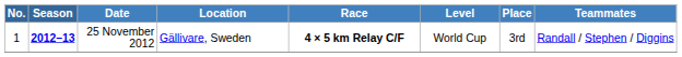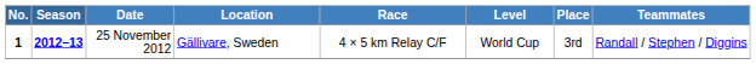 <table class="wikitable sortable" style="font-size:95%; text-align:center; border:grey solid 1px; border-collapse:collapse; background:#ffffff;">
 <tr style="background:#efefef;">
 <th style="background-color:#369; color:white;">No.</th>
 <th style="background-color:#369; color:white;">Season</th>
 <th style="background-color:#4180be; color:white; width:100px;">Date</th>
 <th style="background-color:#4180be; color:white; width:170px;">Location</th>
 <th style="background-color:#4180be; color:white; width:170px;">Race</th>
 <th style="background-color:#4180be; color:white; width:100px;">Level</th>
 <th style="background-color:#4180be; color:white;">Place</th>
 <th style="background-color:#4180be; color:white;">Teammates</th>
 </tr>
 <tr>
-<td align=center>1</td>
+<td align=center><strong>1</strong></td>
 <td rowspan=1 align=center><strong><a href='#'>2012–13</a></strong></td>
 <td align= right>25 November 2012</td>
 <td align=left> <a href='#'>Gällivare</a>, Sweden</td>
-<td><strong>4 × 5 km Relay C/F</strong></td>
+<td>4 × 5 km Relay C/F</td>
 <td>World Cup</td>
 <td>3rd</td>
 <td><a href='#'>Randall</a> / <a href='#'>Stephen</a> / <a href='#'>Diggins</a></td>
 </tr>
 <tr>
 </tr>
 </table>
